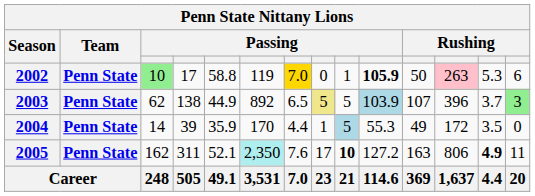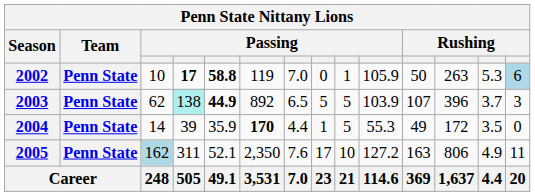 <table class="wikitable" style="text-align:center;">
 <tr>
 <th colspan="16">Penn State Nittany Lions</th>
 </tr>
 <tr>
 <th rowspan="2">Season</th>
 <th rowspan="2">Team</th>
 <th colspan="8">Passing</th>
 <th colspan="4">Rushing</th>
 </tr>
 <tr>
 <th></th>
 <th></th>
 <th></th>
 <th></th>
 <th></th>
 <th></th>
 <th></th>
 <th></th>
 <th></th>
 <th></th>
 <th></th>
 <th></th>
 </tr>
 <tr>
 <th><a href='#'>2002</a></th>
 <th><a href='#'>Penn State</a></th>
-<td style="background: lightgreen;">10</td>
-<td>17</td>
-<td>58.8</td>
+<td>10</td>
+<td><strong>17</strong></td>
+<td><strong>58.8</strong></td>
 <td>119</td>
-<td style="background: gold;">7.0</td>
+<td>7.0</td>
 <td>0</td>
 <td>1</td>
-<td><strong>105.9</strong></td>
+<td>105.9</td>
 <td>50</td>
-<td style="background: pink;">263</td>
+<td>263</td>
 <td>5.3</td>
-<td>6</td>
+<td style="background: lightblue;">6</td>
 </tr>
 <tr>
 <th><a href='#'>2003</a></th>
 <th><a href='#'>Penn State</a></th>
 <td>62</td>
-<td>138</td>
-<td>44.9</td>
+<td style="background: paleturquoise;">138</td>
+<td><strong>44.9</strong></td>
 <td>892</td>
 <td>6.5</td>
-<td style="background: khaki;">5</td>
 <td>5</td>
-<td style="background: lightblue;">103.9</td>
+<td>5</td>
+<td>103.9</td>
 <td>107</td>
 <td>396</td>
 <td>3.7</td>
-<td style="background: lightgreen;">3</td>
+<td>3</td>
 </tr>
 <tr>
 <th><a href='#'>2004</a></th>
 <th><a href='#'>Penn State</a></th>
 <td>14</td>
 <td>39</td>
 <td>35.9</td>
-<td>170</td>
+<td><strong>170</strong></td>
 <td>4.4</td>
 <td>1</td>
-<td style="background: lightblue;">5</td>
+<td>5</td>
 <td>55.3</td>
 <td>49</td>
 <td>172</td>
 <td>3.5</td>
 <td>0</td>
 </tr>
 <tr>
 <th><a href='#'>2005</a></th>
 <th><a href='#'>Penn State</a></th>
-<td>162</td>
+<td style="background: lightblue;">162</td>
 <td>311</td>
 <td>52.1</td>
-<td style="background: paleturquoise;">2,350</td>
+<td>2,350</td>
 <td>7.6</td>
 <td>17</td>
-<td><strong>10</strong></td>
+<td>10</td>
 <td>127.2</td>
 <td>163</td>
 <td>806</td>
-<td><strong>4.9</strong></td>
+<td>4.9</td>
 <td>11</td>
 </tr>
 <tr>
 <th colspan="2">Career</th>
 <th>248</th>
 <th>505</th>
 <th>49.1</th>
 <th>3,531</th>
 <th>7.0</th>
 <th>23</th>
 <th>21</th>
 <th>114.6</th>
 <th>369</th>
 <th>1,637</th>
 <th>4.4</th>
 <th>20</th>
 </tr>
 </table>
